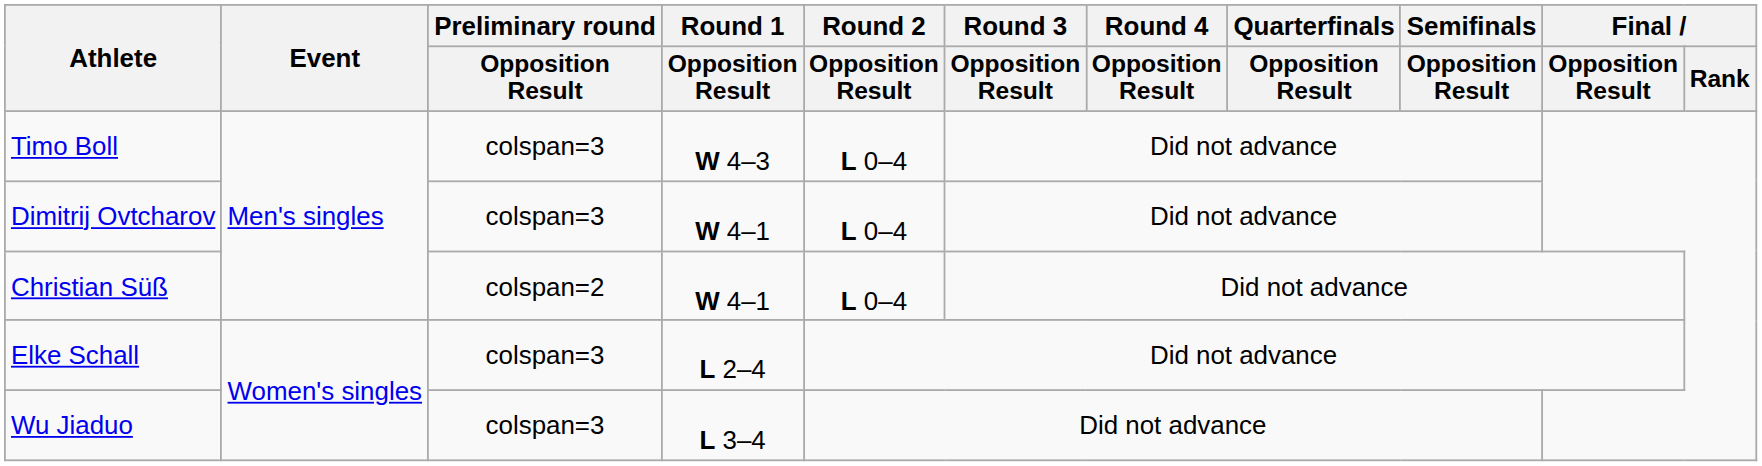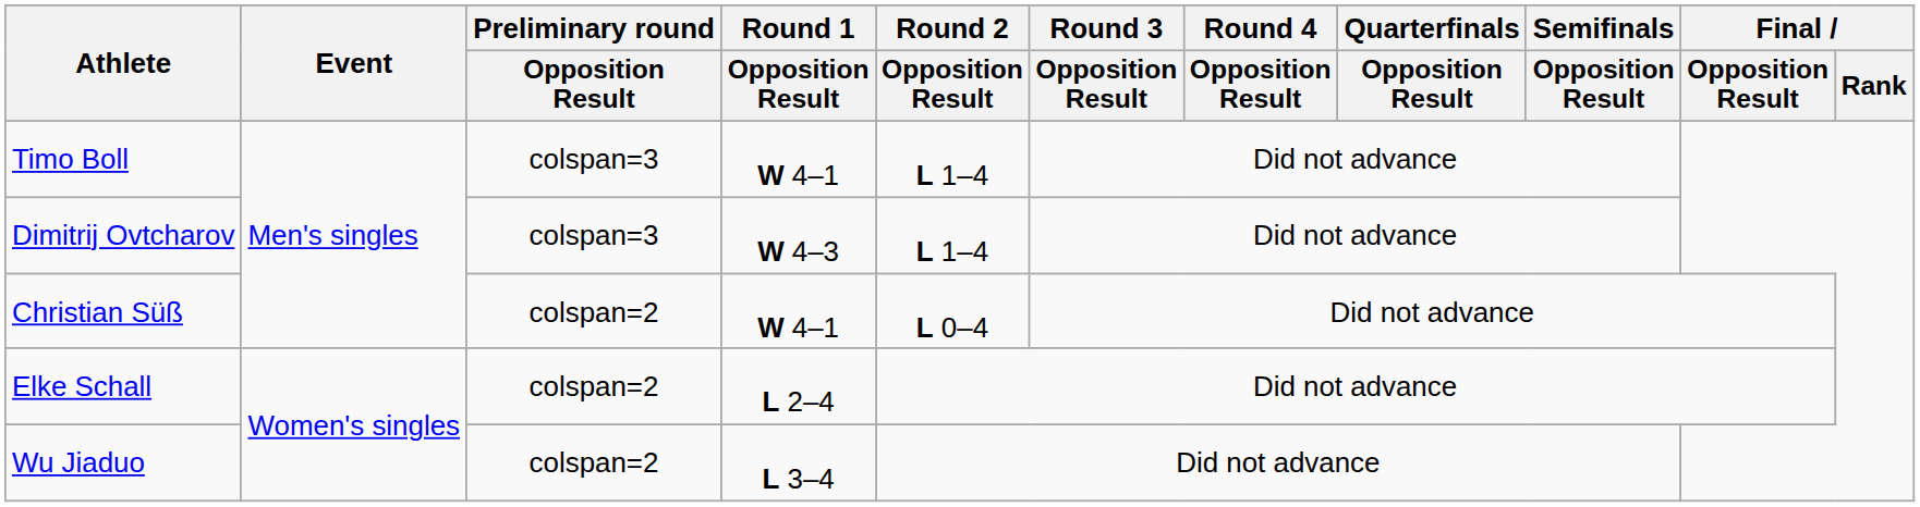 <table class="wikitable" style="font-size:90%">
 <tr>
 <th rowspan="2">Athlete</th>
 <th rowspan="2">Event</th>
 <th>Preliminary round</th>
 <th>Round 1</th>
 <th>Round 2</th>
 <th>Round 3</th>
 <th>Round 4</th>
 <th>Quarterfinals</th>
 <th>Semifinals</th>
 <th colspan=2>Final / </th>
 </tr>
 <tr style="font-size:95%">
 <th>Opposition<br>Result</th>
 <th>Opposition<br>Result</th>
 <th>Opposition<br>Result</th>
 <th>Opposition<br>Result</th>
 <th>Opposition<br>Result</th>
 <th>Opposition<br>Result</th>
 <th>Opposition<br>Result</th>
 <th>Opposition<br>Result</th>
 <th>Rank</th>
 </tr>
 <tr align=center>
 <td align=left><a href='#'>Timo Boll</a></td>
 <td align=left rowspan=3><a href='#'>Men's singles</a></td>
 <td>colspan=3 </td>
-<td><br><strong>W</strong> 4–3</td>
-<td><br> <strong>L</strong> 0–4</td>
+<td><br> <strong>W</strong> 4–1</td>
+<td><br><strong>L</strong> 1–4</td>
 <td colspan=4>Did not advance</td>
 </tr>
 <tr align=center>
 <td align=left><a href='#'>Dimitrij Ovtcharov</a></td>
 <td>colspan=3 </td>
-<td><br> <strong>W</strong> 4–1</td>
-<td><br> <strong>L</strong> 0–4</td>
+<td><br><strong>W</strong> 4–3</td>
+<td><br><strong>L</strong> 1–4</td>
 <td colspan=4>Did not advance</td>
 </tr>
 <tr align=center>
 <td align=left><a href='#'>Christian Süß</a></td>
 <td>colspan=2 </td>
 <td><br><strong>W</strong> 4–1</td>
 <td><br> <strong>L</strong> 0–4</td>
 <td colspan=5>Did not advance</td>
 </tr>
 <tr align=center>
 <td align=left><a href='#'>Elke Schall</a></td>
 <td align=left rowspan=2><a href='#'>Women's singles</a></td>
-<td>colspan=3 </td>
+<td>colspan=2 </td>
 <td><br><strong>L</strong> 2–4</td>
 <td colspan=6>Did not advance</td>
 </tr>
 <tr align=center>
 <td align=left><a href='#'>Wu Jiaduo</a></td>
-<td>colspan=3 </td>
+<td>colspan=2 </td>
 <td><br><strong>L</strong> 3–4</td>
 <td colspan=5>Did not advance</td>
 </tr>
 </table>
